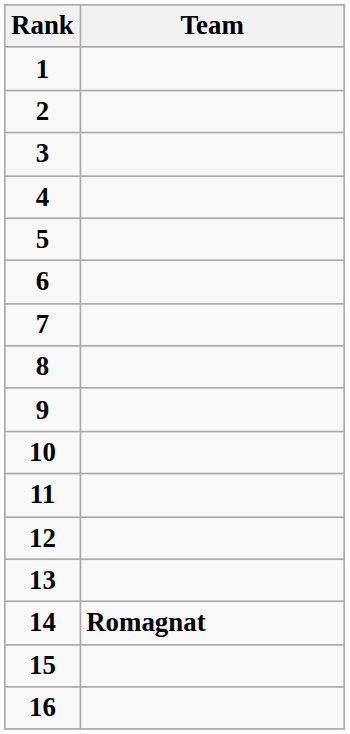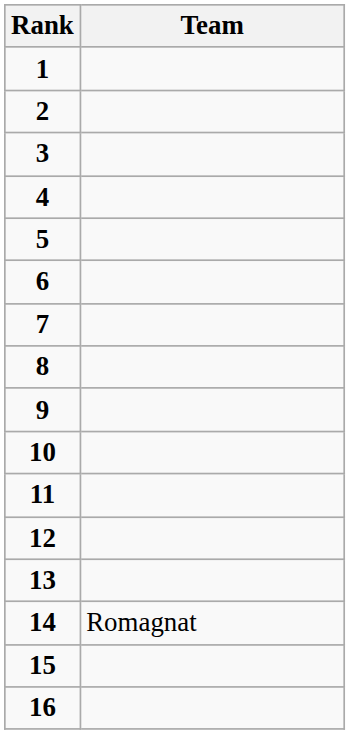 <table class="wikitable" style="text-align: center;">
 <tr>
 <th width="10">Rank</th>
 <th width="150">Team</th>
 </tr>
 <tr>
 <td><strong>1</strong></td>
 <td align="left"></td>
 </tr>
 <tr>
 <td><strong>2</strong></td>
 <td align="left"></td>
 </tr>
 <tr>
 <td><strong>3</strong></td>
 <td align="left"></td>
 </tr>
 <tr>
 <td><strong>4</strong></td>
 <td align="left"></td>
 </tr>
 <tr>
 <td><strong>5</strong></td>
 <td align="left"></td>
 </tr>
 <tr>
 <td><strong>6</strong></td>
 <td align="left"></td>
 </tr>
 <tr>
 <td><strong>7</strong></td>
 <td align="left"></td>
 </tr>
 <tr>
 <td><strong>8</strong></td>
 <td align="left"></td>
 </tr>
 <tr>
 <td><strong>9</strong></td>
 <td align="left"></td>
 </tr>
 <tr>
 <td><strong>10</strong></td>
 <td align="left"></td>
 </tr>
 <tr>
 <td><strong>11</strong></td>
 <td align="left"></td>
 </tr>
 <tr>
 <td><strong>12</strong></td>
 <td align="left"></td>
 </tr>
 <tr>
 <td><strong>13</strong></td>
 <td align="left"></td>
 </tr>
 <tr>
 <td><strong>14</strong></td>
-<td align="left"><strong> Romagnat</strong></td>
+<td align="left"> Romagnat</td>
 </tr>
 <tr>
 <td><strong>15</strong></td>
 <td align="left"></td>
 </tr>
 <tr>
 <td><strong>16</strong></td>
 <td align="left"></td>
 </tr>
 </table>
